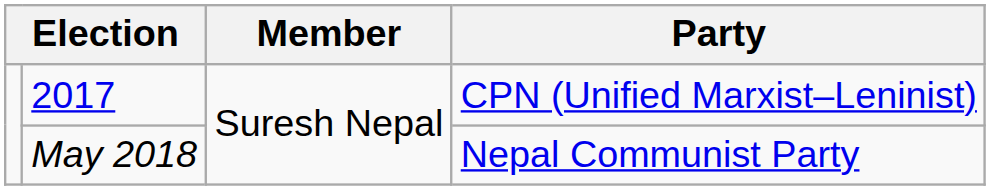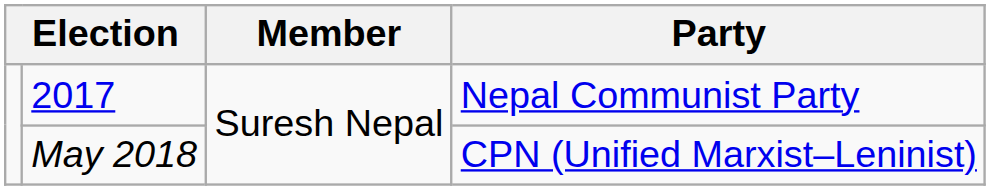 <table class="wikitable">
 <tr>
 <th colspan="2">Election</th>
 <th>Member</th>
 <th>Party</th>
 </tr>
 <tr>
 <td rowspan="2" style="background-color:"></td>
 <td><a href='#'>2017</a></td>
 <td rowspan="2">Suresh Nepal</td>
-<td><a href='#'>CPN (Unified Marxist–Leninist)</a></td>
+<td><a href='#'>Nepal Communist Party</a></td>
 </tr>
 <tr>
 <td><em>May 2018</em></td>
-<td><a href='#'>Nepal Communist Party</a></td>
+<td><a href='#'>CPN (Unified Marxist–Leninist)</a></td>
 </tr>
 </table>
